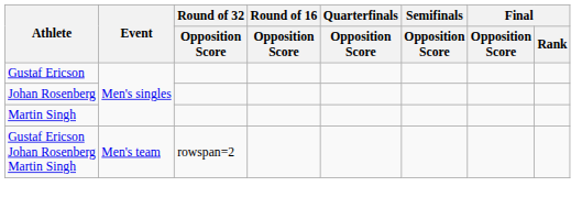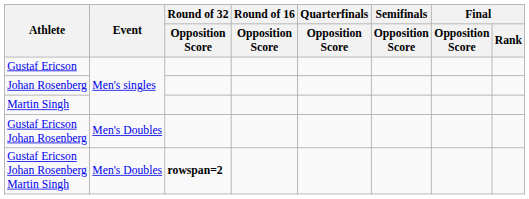 <table class="wikitable" border="1" style="font-size:90%">
 <tr>
 <th rowspan=2>Athlete</th>
 <th rowspan=2>Event</th>
 <th>Round of 32</th>
 <th>Round of 16</th>
 <th>Quarterfinals</th>
 <th>Semifinals</th>
 <th colspan=2>Final</th>
 </tr>
 <tr>
 <th>Opposition<br>Score</th>
 <th>Opposition<br>Score</th>
 <th>Opposition<br>Score</th>
 <th>Opposition<br>Score</th>
 <th>Opposition<br>Score</th>
 <th>Rank</th>
 </tr>
 <tr>
 <td><a href='#'>Gustaf Ericson</a></td>
 <td rowspan=3><a href='#'>Men's singles</a></td>
 <td align=center></td>
 <td align=center></td>
 <td align=center></td>
 <td align=center></td>
 <td align=center></td>
 <td align=center></td>
 </tr>
 <tr>
 <td><a href='#'>Johan Rosenberg</a></td>
 <td align=center></td>
 <td align=center></td>
 <td align=center></td>
 <td align=center></td>
 <td align=center></td>
 <td align=center></td>
 </tr>
 <tr>
 <td><a href='#'>Martin Singh</a></td>
 <td align=center></td>
 <td align=center></td>
 <td align=center></td>
 <td align=center></td>
 <td align=center></td>
 <td align=center></td>
 </tr>
 <tr>
+<td><a href='#'>Gustaf Ericson</a><br><a href='#'>Johan Rosenberg</a></td>
+<td><a href='#'>Men's Doubles</a></td>
+<td></td>
+<td align=center></td>
+<td align=center></td>
+<td align=center></td>
+<td align=center></td>
+<td align=center></td>
+</tr>
+<tr>
 <td><a href='#'>Gustaf Ericson</a><br><a href='#'>Johan Rosenberg</a><br><a href='#'>Martin Singh</a></td>
-<td><a href='#'>Men's team</a></td>
-<td>rowspan=2 </td>
+<td><a href='#'>Men's Doubles</a></td>
+<td><strong>rowspan=2 </strong></td>
 <td align=center></td>
 <td align=center></td>
 <td align=center></td>
 <td align=center></td>
 </tr>
 </table>
